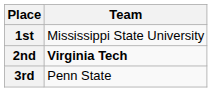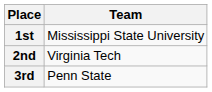 <table class="wikitable">
 <tr>
 <th>Place</th>
 <th>Team</th>
 </tr>
 <tr>
 <th>1st</th>
 <td>Mississippi State University</td>
 </tr>
 <tr>
 <th>2nd</th>
-<td><strong>Virginia Tech</strong></td>
+<td>Virginia Tech</td>
 </tr>
 <tr>
 <th>3rd</th>
 <td>Penn State</td>
 </tr>
 </table>
